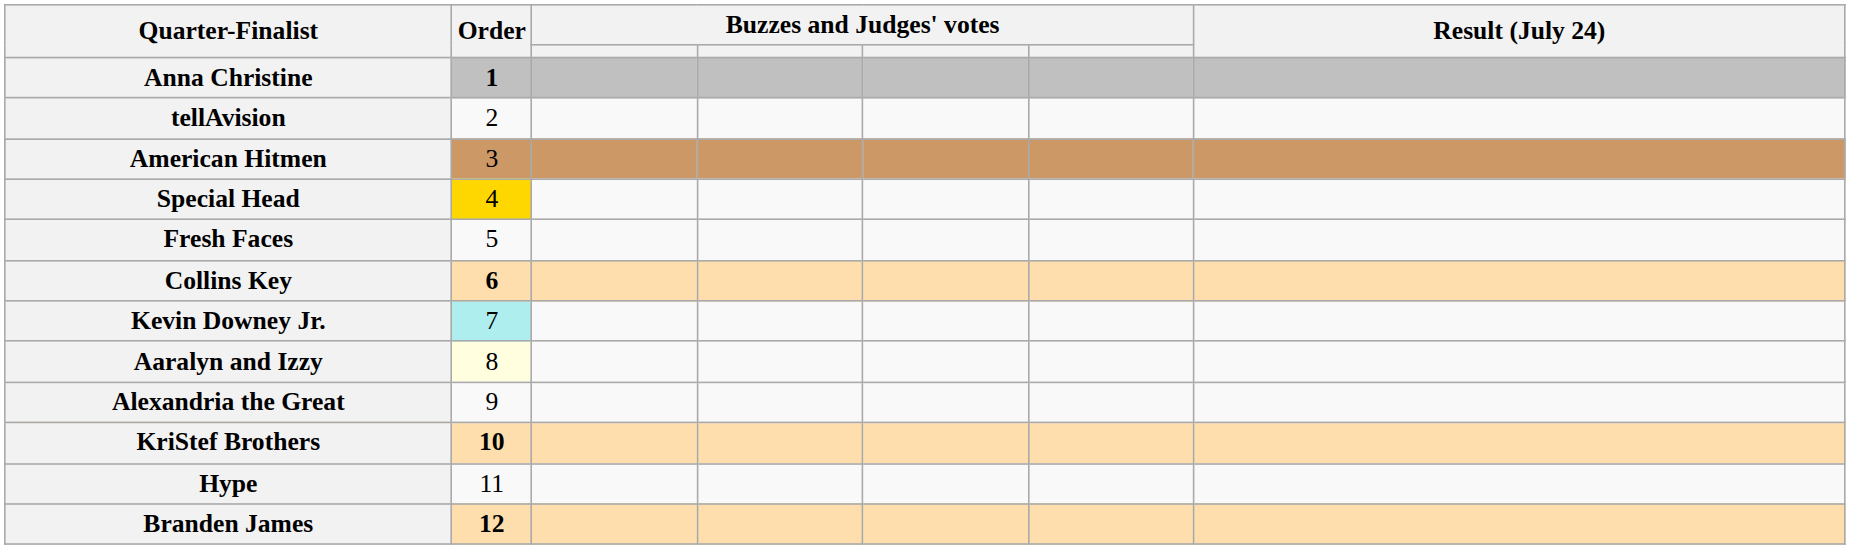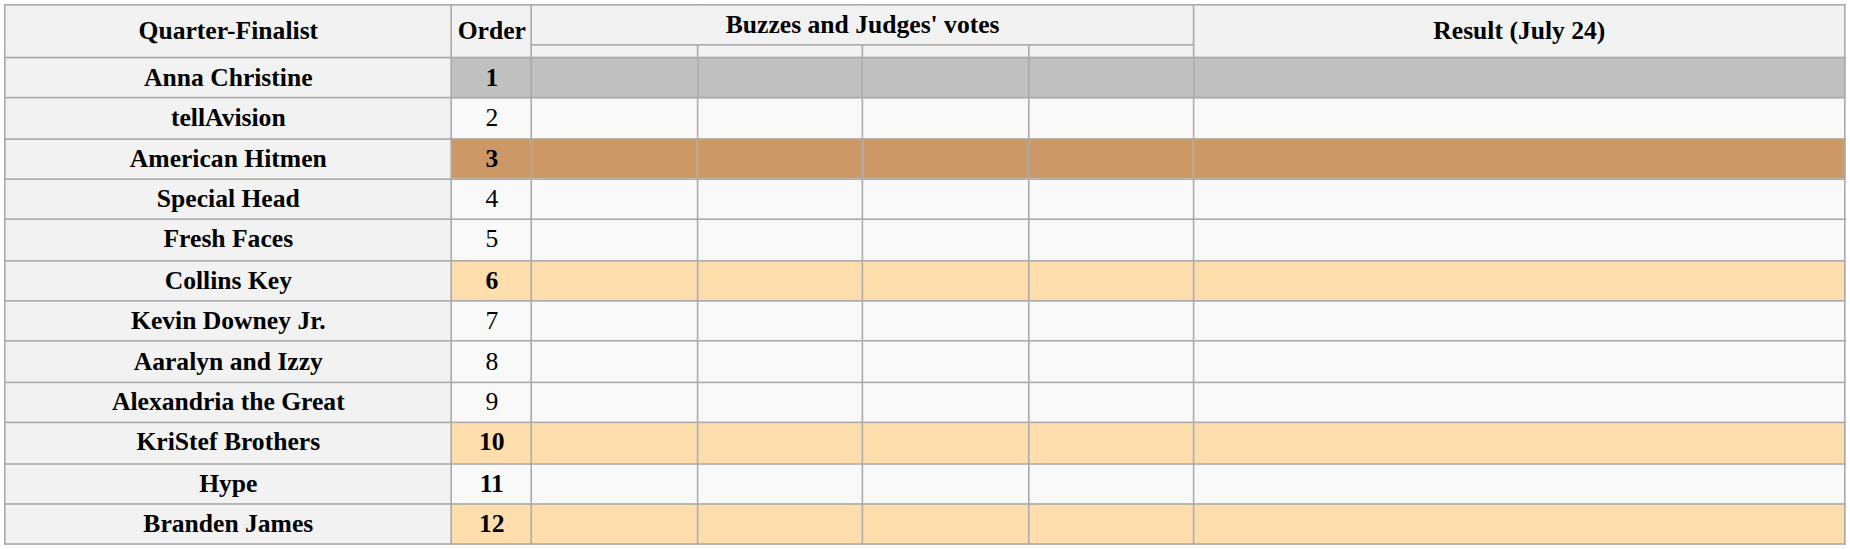 <table class="wikitable plainrowheaders sortable" style="text-align:center;">
 <tr>
 <th scope="col" rowspan="2" class="unsortable" style="width:17em;">Quarter-Finalist</th>
 <th scope="col" rowspan="2" style="width:1em;">Order</th>
 <th scope="col" colspan="4" class="unsortable" style="width:24em;">Buzzes and Judges' votes</th>
 <th scope="col" rowspan="2" style="width:25em;">Result (July 24)</th>
 </tr>
 <tr>
 <th scope="col" class="unsortable" style="width:6em;"></th>
 <th scope="col" class="unsortable" style="width:6em;"></th>
 <th scope="col" class="unsortable" style="width:6em;"></th>
 <th scope="col" class="unsortable" style="width:6em;"></th>
 </tr>
 <tr style="background:silver">
 <th scope="row"><strong>Anna Christine</strong></th>
 <td><strong>1</strong></td>
 <td style="text-align:center;"></td>
 <td style="text-align:center;"></td>
 <td style="text-align:center;"></td>
 <td style="text-align:center;"></td>
 <td><strong></strong></td>
 </tr>
 <tr>
 <th scope="row">tellAvision</th>
 <td>2</td>
 <td style="text-align:center;"></td>
 <td style="text-align:center;"></td>
 <td style="text-align:center;"></td>
 <td style="text-align:center;"></td>
 <td></td>
 </tr>
 <tr style="background:#c96">
 <th scope="row">American Hitmen</th>
-<td>3</td>
+<td><strong>3</strong></td>
 <td style="text-align:center;"></td>
 <td style="text-align:center;"></td>
 <td style="text-align:center;"></td>
 <td style="text-align:center;"></td>
 <td></td>
 </tr>
 <tr>
 <th scope="row">Special Head</th>
-<td style="background: gold;">4</td>
+<td>4</td>
 <td style="text-align:center;"></td>
 <td style="text-align:center;"></td>
 <td style="text-align:center;"></td>
 <td style="text-align:center;"></td>
 <td></td>
 </tr>
 <tr>
 <th scope="row">Fresh Faces</th>
 <td>5</td>
 <td style="text-align:center;"></td>
 <td style="text-align:center;"></td>
 <td style="text-align:center;"></td>
 <td style="text-align:center;"></td>
 <td></td>
 </tr>
 <tr style="background:NavajoWhite">
 <th scope="row"><strong>Collins Key</strong></th>
 <td><strong>6</strong></td>
 <td style="text-align:center;"></td>
 <td style="text-align:center;"></td>
 <td style="text-align:center;"></td>
 <td style="text-align:center;"></td>
 <td><strong></strong></td>
 </tr>
 <tr>
 <th scope="row">Kevin Downey Jr.</th>
-<td style="background: paleturquoise;">7</td>
+<td>7</td>
 <td style="text-align:center;"></td>
 <td style="text-align:center;"></td>
 <td style="text-align:center;"></td>
 <td style="text-align:center;"></td>
 <td></td>
 </tr>
 <tr>
 <th scope="row">Aaralyn and Izzy</th>
-<td style="background: lightyellow;">8</td>
+<td>8</td>
 <td style="text-align:center;"></td>
 <td style="text-align:center;"></td>
 <td style="text-align:center;"></td>
 <td style="text-align:center;"></td>
 <td></td>
 </tr>
 <tr>
 <th scope="row">Alexandria the Great</th>
 <td>9</td>
 <td style="text-align:center;"></td>
 <td style="text-align:center;"></td>
 <td style="text-align:center;"></td>
 <td style="text-align:center;"></td>
 <td></td>
 </tr>
 <tr style="background:NavajoWhite">
 <th scope="row"><strong>KriStef Brothers</strong></th>
 <td><strong>10</strong></td>
 <td style="text-align:center;"></td>
 <td style="text-align:center;"></td>
 <td style="text-align:center;"></td>
 <td style="text-align:center;"></td>
 <td><strong></strong></td>
 </tr>
 <tr>
 <th scope="row">Hype</th>
-<td>11</td>
+<td><strong>11</strong></td>
 <td style="text-align:center;"></td>
 <td style="text-align:center;"></td>
 <td style="text-align:center;"></td>
 <td style="text-align:center;"></td>
 <td></td>
 </tr>
 <tr style="background:NavajoWhite">
 <th scope="row"><strong>Branden James</strong></th>
 <td><strong>12</strong></td>
 <td style="text-align:center;"></td>
 <td style="text-align:center;"></td>
 <td style="text-align:center;"></td>
 <td style="text-align:center;"></td>
 <td><strong></strong></td>
 </tr>
 </table>
